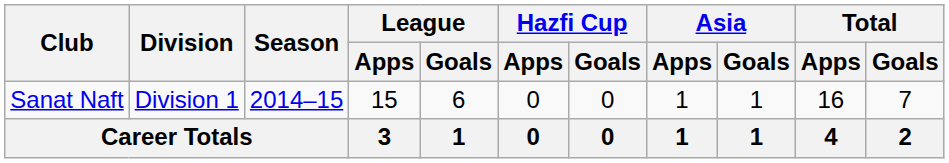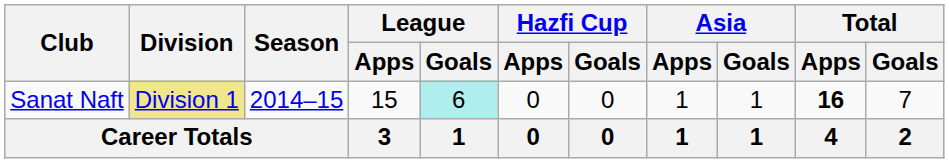 <table class="wikitable" style="text-align: center;">
 <tr>
 <th rowspan="2">Club</th>
 <th rowspan="2">Division</th>
 <th rowspan="2">Season</th>
 <th colspan="2">League</th>
 <th colspan="2"><a href='#'>Hazfi Cup</a></th>
 <th colspan="2"><a href='#'>Asia</a></th>
 <th colspan="2">Total</th>
 </tr>
 <tr>
 <th>Apps</th>
 <th>Goals</th>
 <th>Apps</th>
 <th>Goals</th>
 <th>Apps</th>
 <th>Goals</th>
 <th>Apps</th>
 <th>Goals</th>
 </tr>
 <tr>
 <td><a href='#'>Sanat Naft</a></td>
-<td><a href='#'>Division 1</a></td>
+<td style="background: khaki;"><a href='#'>Division 1</a></td>
 <td><a href='#'>2014–15</a></td>
 <td>15</td>
-<td>6</td>
+<td style="background: paleturquoise;">6</td>
 <td>0</td>
 <td>0</td>
 <td>1</td>
 <td>1</td>
-<td>16</td>
+<td><strong>16</strong></td>
 <td>7</td>
 </tr>
 <tr>
 <th colspan=3>Career Totals</th>
 <th>3</th>
 <th>1</th>
 <th>0</th>
 <th>0</th>
 <th>1</th>
 <th>1</th>
 <th>4</th>
 <th>2</th>
 </tr>
 </table>
